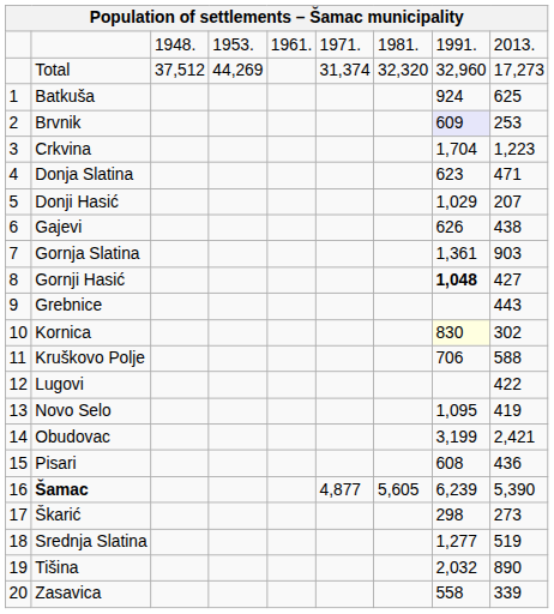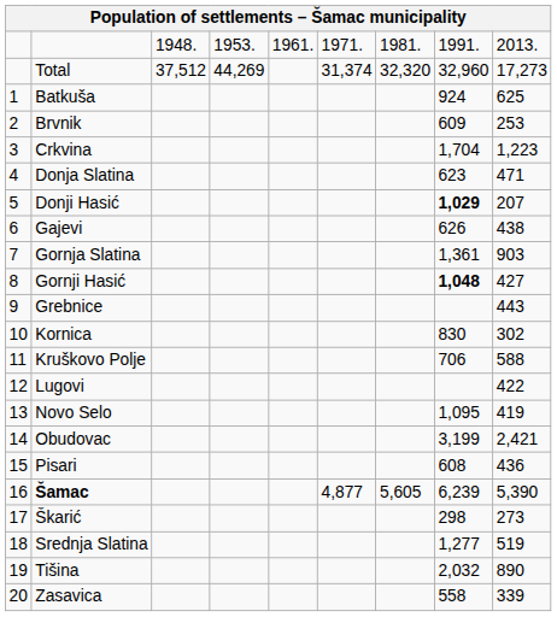 <table class="wikitable">
 <tr>
 <th colspan="9">Population of settlements – Šamac municipality</th>
 </tr>
 <tr>
 <td></td>
 <td></td>
 <td>1948.</td>
 <td>1953.</td>
 <td>1961.</td>
 <td>1971.</td>
 <td>1981.</td>
 <td>1991.</td>
 <td>2013.</td>
 </tr>
 <tr>
 <td></td>
 <td>Total</td>
 <td>37,512</td>
 <td>44,269</td>
 <td></td>
 <td>31,374</td>
 <td>32,320</td>
 <td>32,960</td>
 <td>17,273</td>
 </tr>
 <tr>
 <td>1</td>
 <td>Batkuša</td>
 <td></td>
 <td></td>
 <td></td>
 <td></td>
 <td></td>
 <td>924</td>
 <td>625</td>
 </tr>
 <tr>
 <td>2</td>
 <td>Brvnik</td>
 <td></td>
 <td></td>
 <td></td>
 <td></td>
 <td></td>
-<td style="background: lavender;">609</td>
+<td>609</td>
 <td>253</td>
 </tr>
 <tr>
 <td>3</td>
 <td>Crkvina</td>
 <td></td>
 <td></td>
 <td></td>
 <td></td>
 <td></td>
 <td>1,704</td>
 <td>1,223</td>
 </tr>
 <tr>
 <td>4</td>
 <td>Donja Slatina</td>
 <td></td>
 <td></td>
 <td></td>
 <td></td>
 <td></td>
 <td>623</td>
 <td>471</td>
 </tr>
 <tr>
 <td>5</td>
 <td>Donji Hasić</td>
 <td></td>
 <td></td>
 <td></td>
 <td></td>
 <td></td>
-<td>1,029</td>
+<td><strong>1,029</strong></td>
 <td>207</td>
 </tr>
 <tr>
 <td>6</td>
 <td>Gajevi</td>
 <td></td>
 <td></td>
 <td></td>
 <td></td>
 <td></td>
 <td>626</td>
 <td>438</td>
 </tr>
 <tr>
 <td>7</td>
 <td>Gornja Slatina</td>
 <td></td>
 <td></td>
 <td></td>
 <td></td>
 <td></td>
 <td>1,361</td>
 <td>903</td>
 </tr>
 <tr>
 <td>8</td>
 <td>Gornji Hasić</td>
 <td></td>
 <td></td>
 <td></td>
 <td></td>
 <td></td>
 <td><strong>1,048</strong></td>
 <td>427</td>
 </tr>
 <tr>
 <td>9</td>
 <td>Grebnice</td>
 <td></td>
 <td></td>
 <td></td>
 <td></td>
 <td></td>
 <td></td>
 <td>443</td>
 </tr>
 <tr>
 <td>10</td>
 <td>Kornica</td>
 <td></td>
 <td></td>
 <td></td>
 <td></td>
 <td></td>
-<td style="background: lightyellow;">830</td>
+<td>830</td>
 <td>302</td>
 </tr>
 <tr>
 <td>11</td>
 <td>Kruškovo Polje</td>
 <td></td>
 <td></td>
 <td></td>
 <td></td>
 <td></td>
 <td>706</td>
 <td>588</td>
 </tr>
 <tr>
 <td>12</td>
 <td>Lugovi</td>
 <td></td>
 <td></td>
 <td></td>
 <td></td>
 <td></td>
 <td></td>
 <td>422</td>
 </tr>
 <tr>
 <td>13</td>
 <td>Novo Selo</td>
 <td></td>
 <td></td>
 <td></td>
 <td></td>
 <td></td>
 <td>1,095</td>
 <td>419</td>
 </tr>
 <tr>
 <td>14</td>
 <td>Obudovac</td>
 <td></td>
 <td></td>
 <td></td>
 <td></td>
 <td></td>
 <td>3,199</td>
 <td>2,421</td>
 </tr>
 <tr>
 <td>15</td>
 <td>Pisari</td>
 <td></td>
 <td></td>
 <td></td>
 <td></td>
 <td></td>
 <td>608</td>
 <td>436</td>
 </tr>
 <tr>
 <td>16</td>
 <td><strong>Šamac</strong></td>
 <td></td>
 <td></td>
 <td></td>
 <td>4,877</td>
 <td>5,605</td>
 <td>6,239</td>
 <td>5,390</td>
 </tr>
 <tr>
 <td>17</td>
 <td>Škarić</td>
 <td></td>
 <td></td>
 <td></td>
 <td></td>
 <td></td>
 <td>298</td>
 <td>273</td>
 </tr>
 <tr>
 <td>18</td>
 <td>Srednja Slatina</td>
 <td></td>
 <td></td>
 <td></td>
 <td></td>
 <td></td>
 <td>1,277</td>
 <td>519</td>
 </tr>
 <tr>
 <td>19</td>
 <td>Tišina</td>
 <td></td>
 <td></td>
 <td></td>
 <td></td>
 <td></td>
 <td>2,032</td>
 <td>890</td>
 </tr>
 <tr>
 <td>20</td>
 <td>Zasavica</td>
 <td></td>
 <td></td>
 <td></td>
 <td></td>
 <td></td>
 <td>558</td>
 <td>339</td>
 </tr>
 </table>
